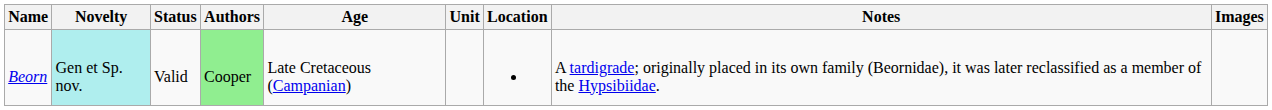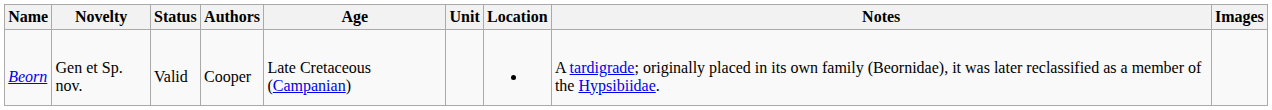 <table class="wikitable sortable" align="center" width="100%">
 <tr>
 <th>Name</th>
 <th>Novelty</th>
 <th>Status</th>
 <th>Authors</th>
 <th>Age</th>
 <th>Unit</th>
 <th>Location</th>
 <th>Notes</th>
 <th>Images</th>
 </tr>
 <tr>
 <td><br><em><a href='#'>Beorn</a></em></td>
-<td style="background: paleturquoise;"><br>Gen et Sp. nov.</td>
+<td><br>Gen et Sp. nov.</td>
 <td><br>Valid</td>
-<td style="background: lightgreen;"><br>Cooper</td>
+<td><br>Cooper</td>
 <td><br>Late Cretaceous (<a href='#'>Campanian</a>)</td>
 <td></td>
 <td><br><ul><li></li></ul></td>
 <td><br>A <a href='#'>tardigrade</a>; originally placed in its own family (Beornidae), it was later reclassified as a member of the <a href='#'>Hypsibiidae</a>.</td>
 <td><br></td>
 </tr>
 <tr>
 </tr>
 </table>
